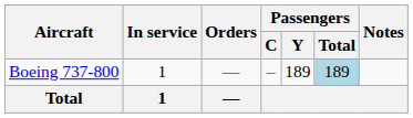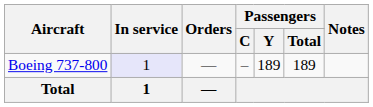 <table class="wikitable" style="border-collapse:collapse;text-align:center">
 <tr>
 <th rowspan="2">Aircraft</th>
 <th rowspan="2">In service</th>
 <th rowspan="2">Orders</th>
 <th colspan="3">Passengers</th>
 <th rowspan="2">Notes</th>
 </tr>
 <tr>
 <th><abbr>C</abbr></th>
 <th><abbr>Y</abbr></th>
 <th>Total</th>
 </tr>
 <tr>
 <td><a href='#'>Boeing 737-800</a></td>
-<td>1</td>
+<td style="background: lavender;">1</td>
 <td>—</td>
 <td>–</td>
 <td>189</td>
-<td style="background: lightblue;">189</td>
+<td>189</td>
 <td></td>
 </tr>
 <tr>
 <th>Total</th>
 <th>1</th>
 <th>—</th>
 <th colspan="4"></th>
 </tr>
 </table>
